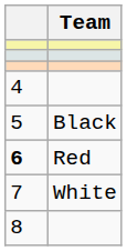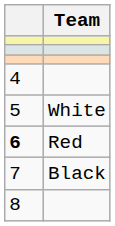 <table class="wikitable">
 <tr>
 <th width=20></th>
 <th>Team</th>
 </tr>
 <tr style="background:#F7F6A8;">
 <td style="text-align:center;"></td>
 <td></td>
 </tr>
 <tr style="background:#DCE5E5;">
 <td style="text-align:center;"></td>
 <td></td>
 </tr>
 <tr style="background:#FFDAB9;">
 <td style="text-align:center;"></td>
 <td></td>
 </tr>
 <tr>
 <td>4</td>
 <td></td>
 </tr>
 <tr>
 <td>5</td>
-<td> Black</td>
+<td> White</td>
 </tr>
 <tr>
 <td><strong>6</strong></td>
 <td> Red</td>
 </tr>
 <tr>
 <td>7</td>
-<td> White</td>
+<td> Black</td>
 </tr>
 <tr>
 <td>8</td>
 <td></td>
 </tr>
 </table>
